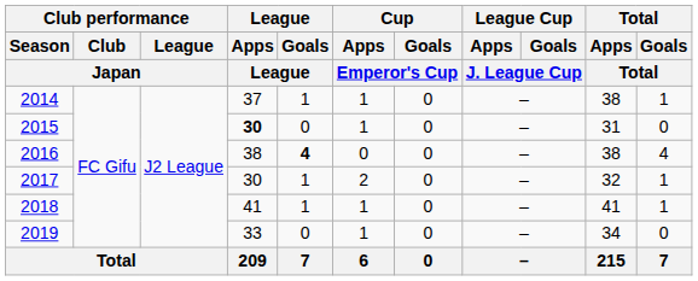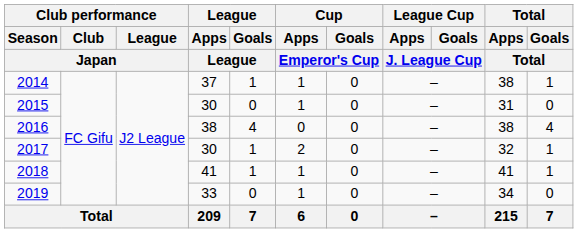 <table class="wikitable" style="text-align:center;">
 <tr>
 <th colspan=3>Club performance</th>
 <th colspan=2>League</th>
 <th colspan=2>Cup</th>
 <th colspan=2>League Cup</th>
 <th colspan=2>Total</th>
 </tr>
 <tr>
 <th>Season</th>
 <th>Club</th>
 <th>League</th>
 <th>Apps</th>
 <th>Goals</th>
 <th>Apps</th>
 <th>Goals</th>
 <th>Apps</th>
 <th>Goals</th>
 <th>Apps</th>
 <th>Goals</th>
 </tr>
 <tr>
 <th colspan=3>Japan</th>
 <th colspan=2>League</th>
 <th colspan=2><a href='#'>Emperor's Cup</a></th>
 <th colspan=2><a href='#'>J. League Cup</a></th>
 <th colspan=2>Total</th>
 </tr>
 <tr>
 <td><a href='#'>2014</a></td>
 <td rowspan="6"><a href='#'>FC Gifu</a></td>
 <td rowspan="6"><a href='#'>J2 League</a></td>
 <td>37</td>
 <td>1</td>
 <td>1</td>
 <td>0</td>
 <td colspan="2">–</td>
 <td>38</td>
 <td>1</td>
 </tr>
 <tr>
 <td><a href='#'>2015</a></td>
-<td><strong>30</strong></td>
+<td>30</td>
 <td>0</td>
 <td>1</td>
 <td>0</td>
 <td colspan="2">–</td>
 <td>31</td>
 <td>0</td>
 </tr>
 <tr>
 <td><a href='#'>2016</a></td>
 <td>38</td>
-<td><strong>4</strong></td>
+<td>4</td>
 <td>0</td>
 <td>0</td>
 <td colspan="2">–</td>
 <td>38</td>
 <td>4</td>
 </tr>
 <tr>
 <td><a href='#'>2017</a></td>
 <td>30</td>
 <td>1</td>
 <td>2</td>
 <td>0</td>
 <td colspan="2">–</td>
 <td>32</td>
 <td>1</td>
 </tr>
 <tr>
 <td><a href='#'>2018</a></td>
 <td>41</td>
 <td>1</td>
 <td>1</td>
 <td>0</td>
 <td colspan="2">–</td>
 <td>41</td>
 <td>1</td>
 </tr>
 <tr>
 <td><a href='#'>2019</a></td>
 <td>33</td>
 <td>0</td>
 <td>1</td>
 <td>0</td>
 <td colspan="2">–</td>
 <td>34</td>
 <td>0</td>
 </tr>
 <tr>
 <th colspan=3>Total</th>
 <th>209</th>
 <th>7</th>
 <th>6</th>
 <th>0</th>
 <th colspan="2">–</th>
 <th>215</th>
 <th>7</th>
 </tr>
 </table>
